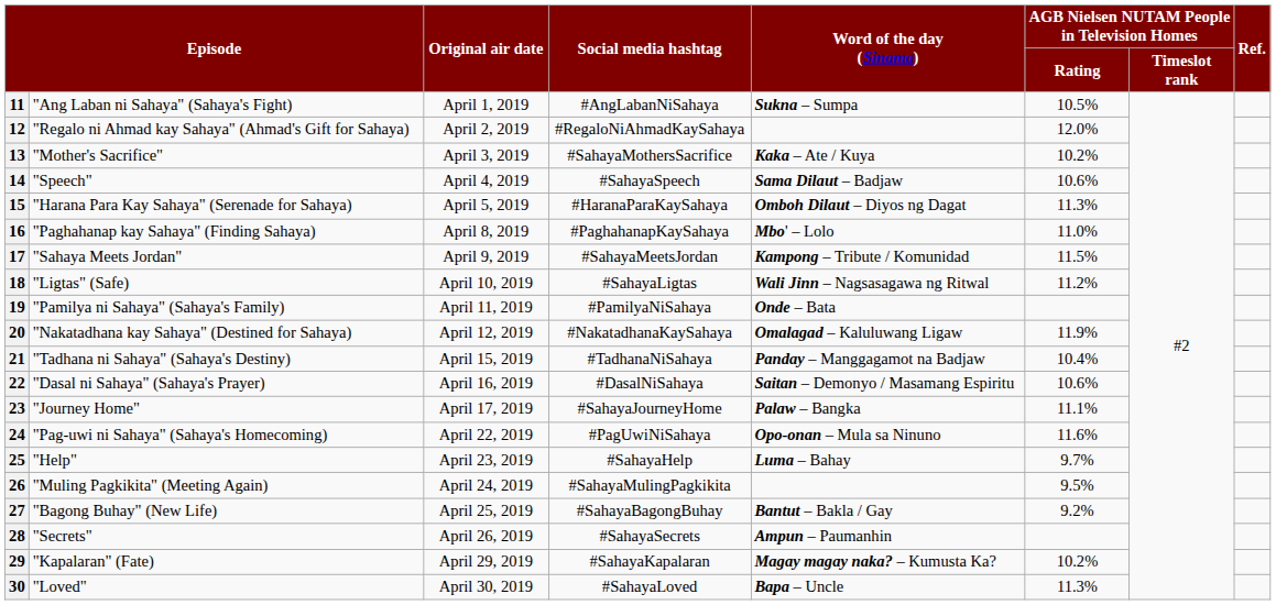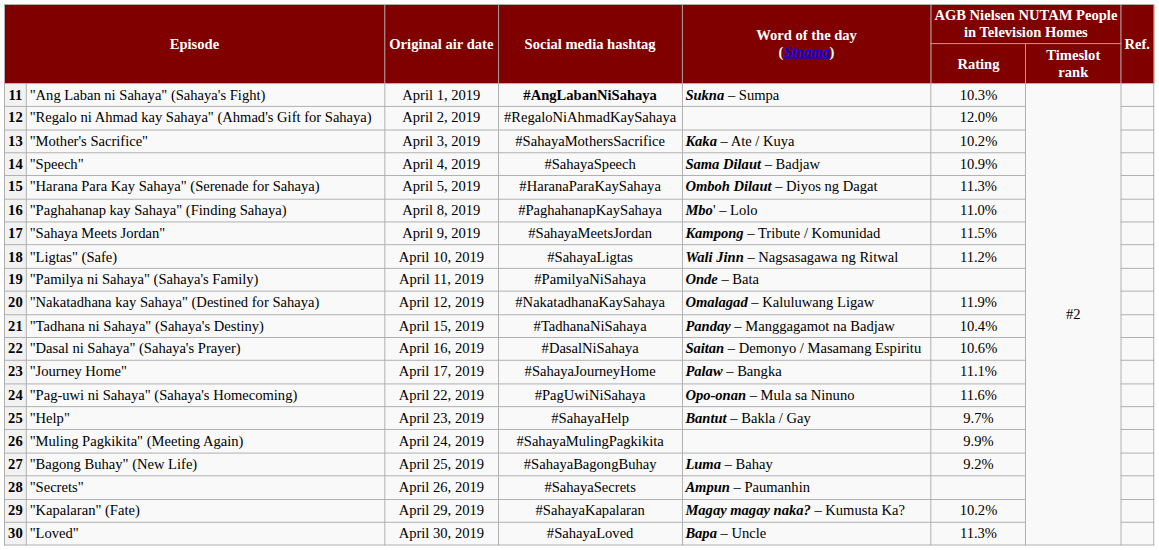 <table class="wikitable" style="text-align:center; font-size:100%; line-height:18px;" width="100%">
 <tr>
 <th style="background-color:#800000; color:#ffffff;" colspan="2" rowspan="2">Episode</th>
 <th style="background-color:#800000; color:white" rowspan="2">Original air date</th>
 <th style="background-color:#800000; color:white" rowspan="2">Social media hashtag</th>
 <th style="background-color:#800000; color:white" rowspan="2">Word of the day<br>(<em><a href='#'>Sinama</a></em>)</th>
 <th style="background-color:#800000; color:#ffffff;" colspan="2">AGB Nielsen NUTAM People in Television Homes</th>
 <th style="background-color:#800000; color:#ffffff;" rowspan="2">Ref.</th>
 </tr>
 <tr>
 <th style="background-color:#800000; width:75px; color:#ffffff;">Rating</th>
 <th style="background-color:#800000; width:75px; color:#ffffff;">Timeslot<br>rank</th>
 </tr>
 <tr>
 <th>11</th>
 <td style="text-align: left;">"Ang Laban ni Sahaya" (Sahaya's Fight)</td>
 <td>April 1, 2019</td>
-<td>#AngLabanNiSahaya</td>
+<td><strong>#AngLabanNiSahaya</strong></td>
 <td style="text-align: left;"><strong><em>Sukna</em></strong> – Sumpa</td>
-<td>10.5%</td>
+<td>10.3%</td>
 <td rowspan="20">#2</td>
 <td></td>
 </tr>
 <tr>
 <th>12</th>
 <td style="text-align: left;">"Regalo ni Ahmad kay Sahaya" (Ahmad's Gift for Sahaya)</td>
 <td>April 2, 2019</td>
 <td>#RegaloNiAhmadKaySahaya</td>
 <td></td>
 <td>12.0%</td>
 <td></td>
 </tr>
 <tr>
 <th>13</th>
 <td style="text-align: left;">"Mother's Sacrifice"</td>
 <td>April 3, 2019</td>
 <td>#SahayaMothersSacrifice</td>
 <td style="text-align: left;"><strong><em>Kaka</em></strong> – Ate / Kuya</td>
 <td>10.2%</td>
 <td></td>
 </tr>
 <tr>
 <th>14</th>
 <td style="text-align: left;">"Speech"</td>
 <td>April 4, 2019</td>
 <td>#SahayaSpeech</td>
 <td style="text-align: left;"><strong><em>Sama Dilaut</em></strong> – Badjaw</td>
-<td>10.6%</td>
+<td>10.9%</td>
 <td></td>
 </tr>
 <tr>
 <th>15</th>
 <td style="text-align: left;">"Harana Para Kay Sahaya" (Serenade for Sahaya)</td>
 <td>April 5, 2019</td>
 <td>#HaranaParaKaySahaya</td>
 <td style="text-align: left;"><strong><em>Omboh Dilaut</em></strong> – Diyos ng Dagat</td>
 <td>11.3%</td>
 <td></td>
 </tr>
 <tr>
 <th>16</th>
 <td style="text-align: left;">"Paghahanap kay Sahaya" (Finding Sahaya)</td>
 <td>April 8, 2019</td>
 <td>#PaghahanapKaySahaya</td>
 <td style="text-align: left;"><strong><em>Mbo</em></strong>' – Lolo</td>
 <td>11.0%</td>
 <td></td>
 </tr>
 <tr>
 <th>17</th>
 <td style="text-align: left;">"Sahaya Meets Jordan"</td>
 <td>April 9, 2019</td>
 <td>#SahayaMeetsJordan</td>
 <td style="text-align: left;"><strong><em>Kampong</em></strong> – Tribute / Komunidad</td>
 <td>11.5%</td>
 <td></td>
 </tr>
 <tr>
 <th>18</th>
 <td style="text-align: left;">"Ligtas" (Safe)</td>
 <td>April 10, 2019</td>
 <td>#SahayaLigtas</td>
 <td style="text-align: left;"><strong><em>Wali Jinn</em></strong> – Nagsasagawa ng Ritwal</td>
 <td>11.2%</td>
 <td></td>
 </tr>
 <tr>
 <th>19</th>
 <td style="text-align: left;">"Pamilya ni Sahaya" (Sahaya's Family)</td>
 <td>April 11, 2019</td>
 <td>#PamilyaNiSahaya</td>
 <td style="text-align: left;"><strong><em>Onde</em></strong> – Bata</td>
 <td></td>
 <td></td>
 </tr>
 <tr>
 <th>20</th>
 <td style="text-align: left;">"Nakatadhana kay Sahaya" (Destined for Sahaya)</td>
 <td>April 12, 2019</td>
 <td>#NakatadhanaKaySahaya</td>
 <td style="text-align: left;"><strong><em>Omalagad</em></strong> – Kaluluwang Ligaw</td>
 <td>11.9%</td>
 <td></td>
 </tr>
 <tr>
 <th>21</th>
 <td style="text-align: left;">"Tadhana ni Sahaya" (Sahaya's Destiny)</td>
 <td>April 15, 2019</td>
 <td>#TadhanaNiSahaya</td>
 <td style="text-align: left;"><strong><em>Panday</em></strong> – Manggagamot na Badjaw</td>
 <td>10.4%</td>
 <td></td>
 </tr>
 <tr>
 <th>22</th>
 <td style="text-align: left;">"Dasal ni Sahaya" (Sahaya's Prayer)</td>
 <td>April 16, 2019</td>
 <td>#DasalNiSahaya</td>
 <td style="text-align: left;"><strong><em>Saitan</em></strong> – Demonyo / Masamang Espiritu</td>
 <td>10.6%</td>
 <td></td>
 </tr>
 <tr>
 <th>23</th>
 <td style="text-align: left;">"Journey Home"</td>
 <td>April 17, 2019</td>
 <td>#SahayaJourneyHome</td>
 <td style="text-align: left;"><strong><em>Palaw</em></strong> – Bangka</td>
 <td>11.1%</td>
 <td></td>
 </tr>
 <tr>
 <th>24</th>
 <td style="text-align: left;">"Pag-uwi ni Sahaya" (Sahaya's Homecoming)</td>
 <td>April 22, 2019</td>
 <td>#PagUwiNiSahaya</td>
 <td style="text-align: left;"><strong><em>Opo-onan</em></strong> – Mula sa Ninuno</td>
 <td>11.6%</td>
 <td></td>
 </tr>
 <tr>
 <th>25</th>
 <td style="text-align: left;">"Help"</td>
 <td>April 23, 2019</td>
 <td>#SahayaHelp</td>
-<td style="text-align: left;"><strong><em>Luma</em></strong> – Bahay</td>
+<td style="text-align: left;"><strong><em>Bantut</em></strong> – Bakla / Gay</td>
 <td>9.7%</td>
 <td></td>
 </tr>
 <tr>
 <th>26</th>
 <td style="text-align: left;">"Muling Pagkikita" (Meeting Again)</td>
 <td>April 24, 2019</td>
 <td>#SahayaMulingPagkikita</td>
 <td></td>
-<td>9.5%</td>
+<td>9.9%</td>
 <td></td>
 </tr>
 <tr>
 <th>27</th>
 <td style="text-align: left;">"Bagong Buhay" (New Life)</td>
 <td>April 25, 2019</td>
 <td>#SahayaBagongBuhay</td>
-<td style="text-align: left;"><strong><em>Bantut</em></strong> – Bakla / Gay</td>
+<td style="text-align: left;"><strong><em>Luma</em></strong> – Bahay</td>
 <td>9.2%</td>
 <td></td>
 </tr>
 <tr>
 <th>28</th>
 <td style="text-align: left;">"Secrets"</td>
 <td>April 26, 2019</td>
 <td>#SahayaSecrets</td>
 <td style="text-align: left;"><strong><em>Ampun</em></strong> – Paumanhin</td>
 <td></td>
 <td></td>
 </tr>
 <tr>
 <th>29</th>
 <td style="text-align: left;">"Kapalaran" (Fate)</td>
 <td>April 29, 2019</td>
 <td>#SahayaKapalaran</td>
 <td style="text-align: left;"><strong><em>Magay magay naka?</em></strong> – Kumusta Ka?</td>
 <td>10.2%</td>
 <td></td>
 </tr>
 <tr>
 <th>30</th>
 <td style="text-align: left;">"Loved"</td>
 <td>April 30, 2019</td>
 <td>#SahayaLoved</td>
 <td style="text-align: left;"><strong><em>Bapa</em></strong> – Uncle</td>
 <td>11.3%</td>
 <td></td>
 </tr>
 </table>
